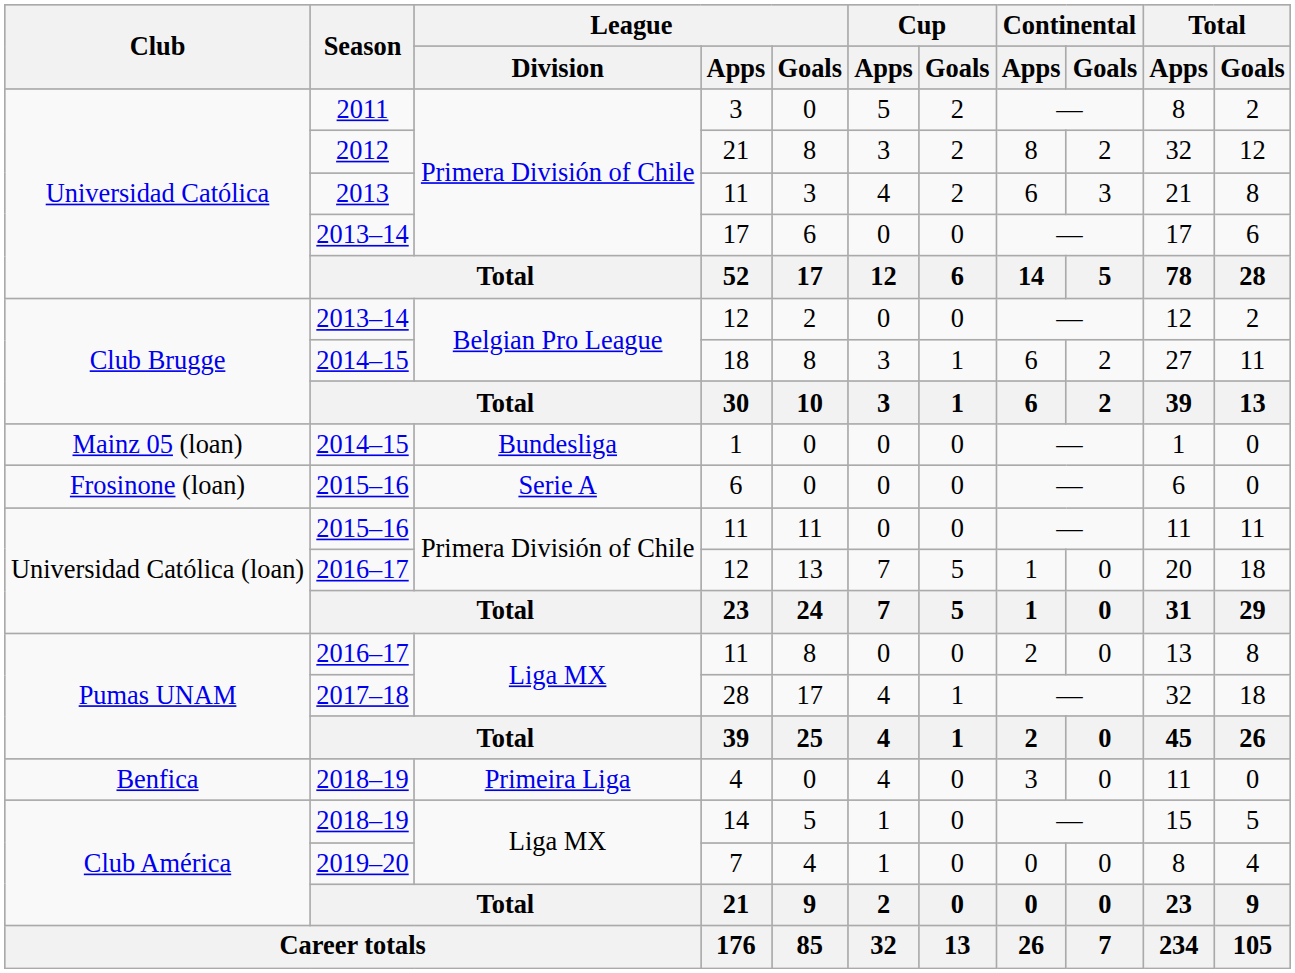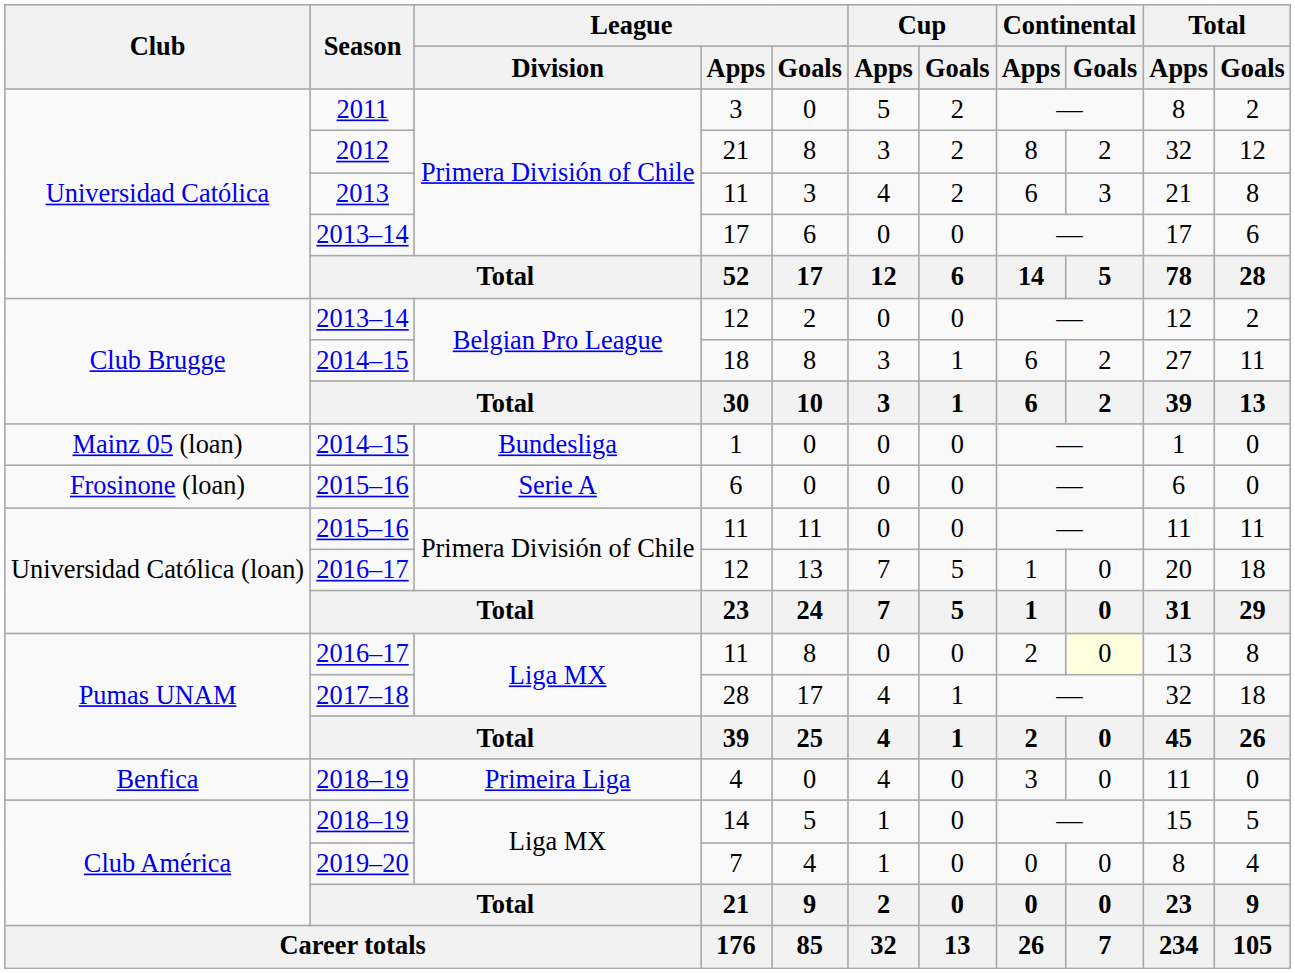 <table class="wikitable" style="text-align:center">
 <tr>
 <th rowspan="2">Club</th>
 <th rowspan="2">Season</th>
 <th colspan="3">League</th>
 <th colspan="2">Cup</th>
 <th colspan="2">Continental</th>
 <th colspan="2">Total</th>
 </tr>
 <tr>
 <th>Division</th>
 <th>Apps</th>
 <th>Goals</th>
 <th>Apps</th>
 <th>Goals</th>
 <th>Apps</th>
 <th>Goals</th>
 <th>Apps</th>
 <th>Goals</th>
 </tr>
 <tr>
 <td rowspan="5"><a href='#'>Universidad Católica</a></td>
 <td><a href='#'>2011</a></td>
 <td rowspan="4"><a href='#'>Primera División of Chile</a></td>
 <td>3</td>
 <td>0</td>
 <td>5</td>
 <td>2</td>
 <td colspan="2">—</td>
 <td>8</td>
 <td>2</td>
 </tr>
 <tr>
 <td><a href='#'>2012</a></td>
 <td>21</td>
 <td>8</td>
 <td>3</td>
 <td>2</td>
 <td>8</td>
 <td>2</td>
 <td>32</td>
 <td>12</td>
 </tr>
 <tr>
 <td><a href='#'>2013</a></td>
 <td>11</td>
 <td>3</td>
 <td>4</td>
 <td>2</td>
 <td>6</td>
 <td>3</td>
 <td>21</td>
 <td>8</td>
 </tr>
 <tr>
 <td><a href='#'>2013–14</a></td>
 <td>17</td>
 <td>6</td>
 <td>0</td>
 <td>0</td>
 <td colspan="2">—</td>
 <td>17</td>
 <td>6</td>
 </tr>
 <tr>
 <th colspan="2">Total</th>
 <th>52</th>
 <th>17</th>
 <th>12</th>
 <th>6</th>
 <th>14</th>
 <th>5</th>
 <th>78</th>
 <th>28</th>
 </tr>
 <tr>
 <td rowspan="3"><a href='#'>Club Brugge</a></td>
 <td><a href='#'>2013–14</a></td>
 <td rowspan="2"><a href='#'>Belgian Pro League</a></td>
 <td>12</td>
 <td>2</td>
 <td>0</td>
 <td>0</td>
 <td colspan="2">—</td>
 <td>12</td>
 <td>2</td>
 </tr>
 <tr>
 <td><a href='#'>2014–15</a></td>
 <td>18</td>
 <td>8</td>
 <td>3</td>
 <td>1</td>
 <td>6</td>
 <td>2</td>
 <td>27</td>
 <td>11</td>
 </tr>
 <tr>
 <th colspan="2">Total</th>
 <th>30</th>
 <th>10</th>
 <th>3</th>
 <th>1</th>
 <th>6</th>
 <th>2</th>
 <th>39</th>
 <th>13</th>
 </tr>
 <tr>
 <td><a href='#'>Mainz 05</a> (loan)</td>
 <td><a href='#'>2014–15</a></td>
 <td><a href='#'>Bundesliga</a></td>
 <td>1</td>
 <td>0</td>
 <td>0</td>
 <td>0</td>
 <td colspan="2">—</td>
 <td>1</td>
 <td>0</td>
 </tr>
 <tr>
 <td><a href='#'>Frosinone</a> (loan)</td>
 <td><a href='#'>2015–16</a></td>
 <td><a href='#'>Serie A</a></td>
 <td>6</td>
 <td>0</td>
 <td>0</td>
 <td>0</td>
 <td colspan="2">—</td>
 <td>6</td>
 <td>0</td>
 </tr>
 <tr>
 <td rowspan="3">Universidad Católica (loan)</td>
 <td><a href='#'>2015–16</a></td>
 <td rowspan="2">Primera División of Chile</td>
 <td>11</td>
 <td>11</td>
 <td>0</td>
 <td>0</td>
 <td colspan="2">—</td>
 <td>11</td>
 <td>11</td>
 </tr>
 <tr>
 <td><a href='#'>2016–17</a></td>
 <td>12</td>
 <td>13</td>
 <td>7</td>
 <td>5</td>
 <td>1</td>
 <td>0</td>
 <td>20</td>
 <td>18</td>
 </tr>
 <tr>
 <th colspan="2">Total</th>
 <th>23</th>
 <th>24</th>
 <th>7</th>
 <th>5</th>
 <th>1</th>
 <th>0</th>
 <th>31</th>
 <th>29</th>
 </tr>
 <tr>
 <td rowspan="3"><a href='#'>Pumas UNAM</a></td>
 <td><a href='#'>2016–17</a></td>
 <td rowspan="2"><a href='#'>Liga MX</a></td>
 <td>11</td>
 <td>8</td>
 <td>0</td>
 <td>0</td>
 <td>2</td>
-<td>0</td>
+<td style="background: lightyellow;">0</td>
 <td>13</td>
 <td>8</td>
 </tr>
 <tr>
 <td><a href='#'>2017–18</a></td>
 <td>28</td>
 <td>17</td>
 <td>4</td>
 <td>1</td>
 <td colspan="2">—</td>
 <td>32</td>
 <td>18</td>
 </tr>
 <tr>
 <th colspan="2">Total</th>
 <th>39</th>
 <th>25</th>
 <th>4</th>
 <th>1</th>
 <th>2</th>
 <th>0</th>
 <th>45</th>
 <th>26</th>
 </tr>
 <tr>
 <td><a href='#'>Benfica</a></td>
 <td><a href='#'>2018–19</a></td>
 <td><a href='#'>Primeira Liga</a></td>
 <td>4</td>
 <td>0</td>
 <td>4</td>
 <td>0</td>
 <td>3</td>
 <td>0</td>
 <td>11</td>
 <td>0</td>
 </tr>
 <tr>
 <td rowspan="3"><a href='#'>Club América</a></td>
 <td><a href='#'>2018–19</a></td>
 <td rowspan="2">Liga MX</td>
 <td>14</td>
 <td>5</td>
 <td>1</td>
 <td>0</td>
 <td colspan="2">—</td>
 <td>15</td>
 <td>5</td>
 </tr>
 <tr>
 <td><a href='#'>2019–20</a></td>
 <td>7</td>
 <td>4</td>
 <td>1</td>
 <td>0</td>
 <td>0</td>
 <td>0</td>
 <td>8</td>
 <td>4</td>
 </tr>
 <tr>
 <th colspan="2">Total</th>
 <th>21</th>
 <th>9</th>
 <th>2</th>
 <th>0</th>
 <th>0</th>
 <th>0</th>
 <th>23</th>
 <th>9</th>
 </tr>
 <tr>
 <th colspan="3">Career totals</th>
 <th>176</th>
 <th>85</th>
 <th>32</th>
 <th>13</th>
 <th>26</th>
 <th>7</th>
 <th>234</th>
 <th>105</th>
 </tr>
 </table>
